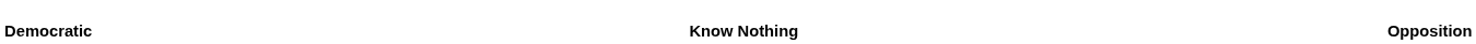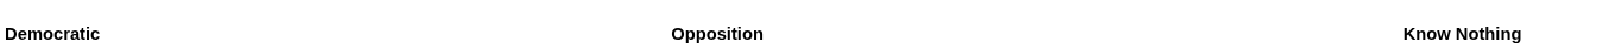 <table style="width:100%; text-align:center">
 <tr style="color:white">
 <td style="background:"><strong>83</strong></td>
+<td style="background:"><strong>100</strong></td>
 <td style="background:"><strong>51</strong></td>
-<td style="background:"><strong>100</strong></td>
 </tr>
 <tr>
 <td><span><strong>Democratic</strong></span></td>
+<td><span><strong>Opposition</strong></span></td>
 <td><span><strong>Know Nothing</strong></span></td>
-<td><span><strong>Opposition</strong></span></td>
 </tr>
 </table>
